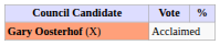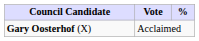 <table class="wikitable sortable">
 <tr>
 <th style="background:#ddf; width:200px;">Council Candidate</th>
 <th style="background:#ddf; width:50px;">Vote</th>
 <th style="background:#ddf; width:30px;">%</th>
 </tr>
 <tr>
-<td style="background: lightsalmon;"><strong>Gary Oosterhof</strong> (X)</td>
+<td><strong>Gary Oosterhof</strong> (X)</td>
 <td colspan="2">Acclaimed</td>
 </tr>
 </table>
